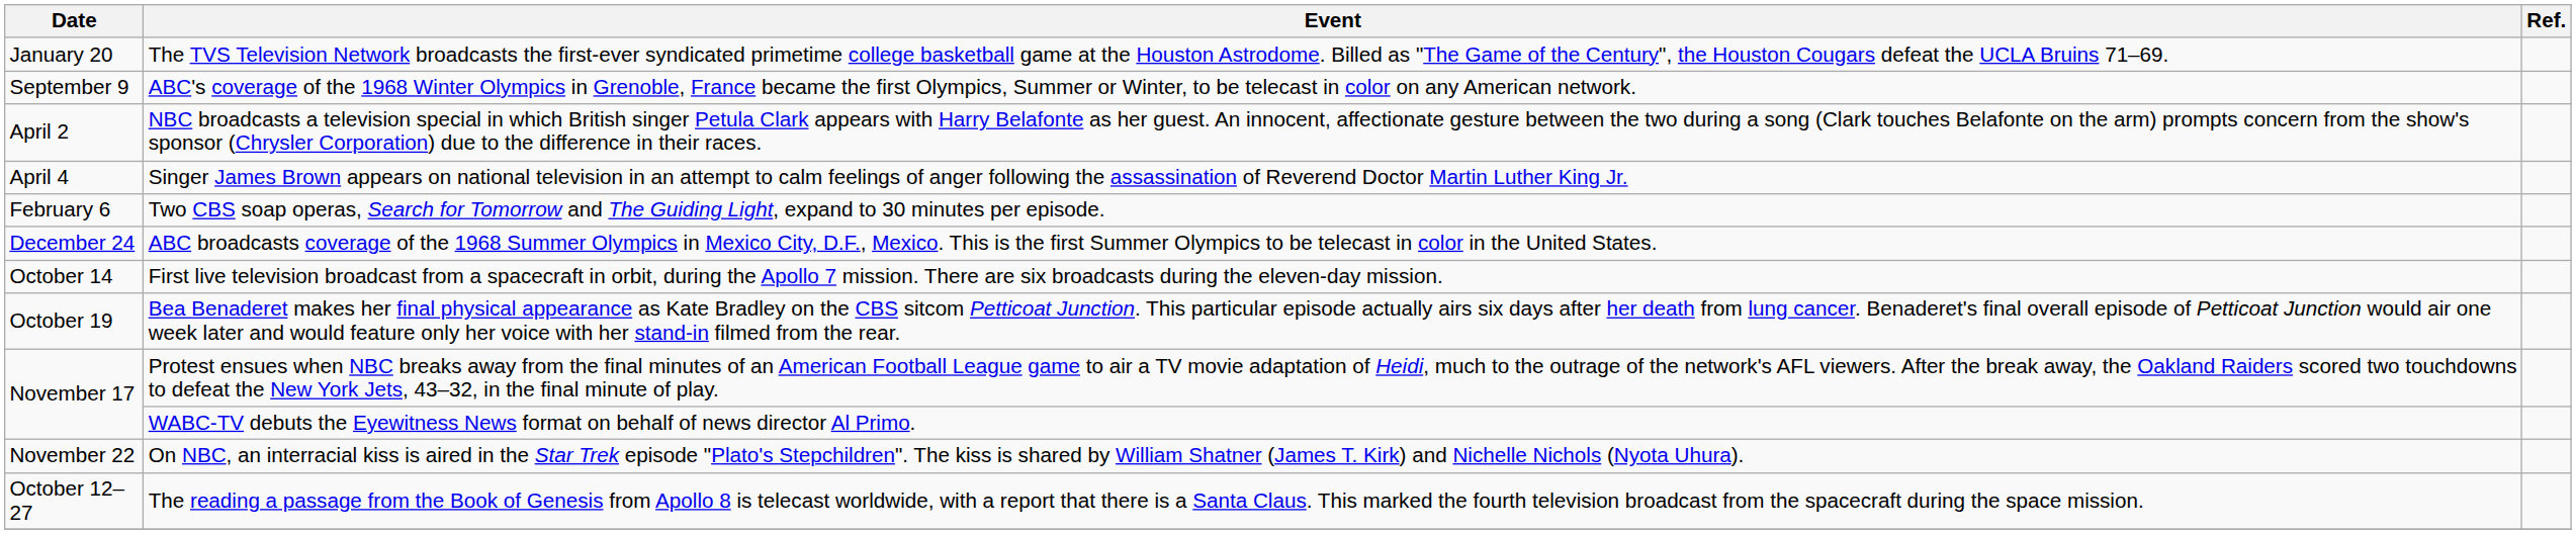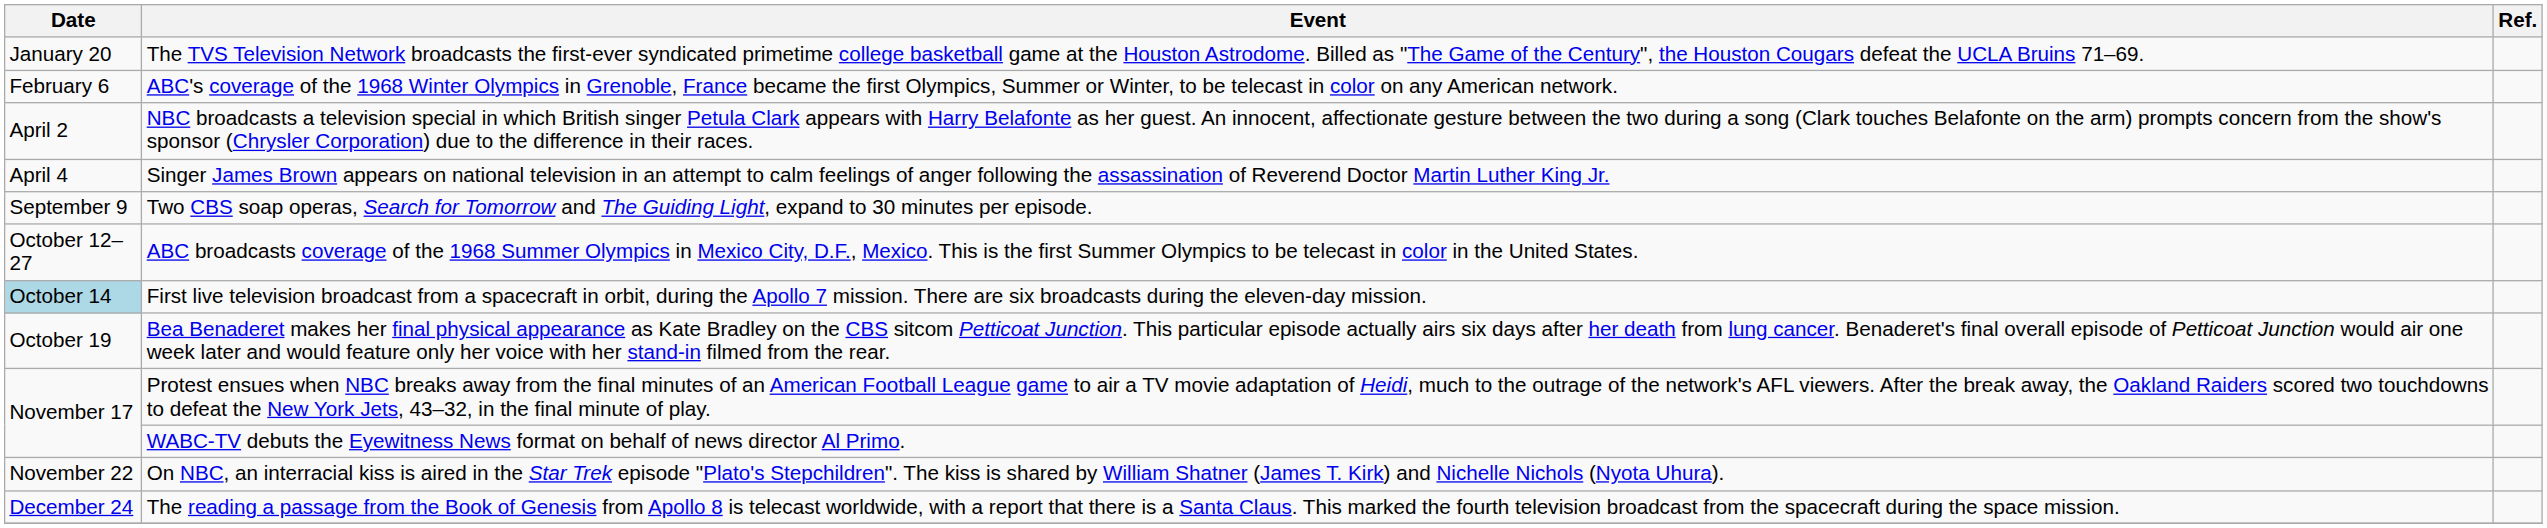 <table class="wikitable sortable">
 <tr>
 <th>Date</th>
 <th>Event</th>
 <th>Ref.</th>
 </tr>
 <tr>
 <td>January 20</td>
 <td>The <a href='#'>TVS Television Network</a> broadcasts the first-ever syndicated primetime <a href='#'>college basketball</a> game at the <a href='#'>Houston Astrodome</a>. Billed as "<a href='#'>The Game of the Century</a>", <a href='#'>the Houston Cougars</a> defeat the <a href='#'>UCLA Bruins</a> 71–69.</td>
 <td></td>
 </tr>
 <tr>
-<td>September 9</td>
+<td>February 6</td>
 <td><a href='#'>ABC</a>'s <a href='#'>coverage</a> of the <a href='#'>1968 Winter Olympics</a> in <a href='#'>Grenoble</a>, <a href='#'>France</a> became the first Olympics, Summer or Winter, to be telecast in <a href='#'>color</a> on any American network.</td>
 <td></td>
 </tr>
 <tr>
 <td>April 2</td>
 <td><a href='#'>NBC</a> broadcasts a television special in which British singer <a href='#'>Petula Clark</a> appears with <a href='#'>Harry Belafonte</a> as her guest. An innocent, affectionate gesture between the two during a song (Clark touches Belafonte on the arm) prompts concern from the show's sponsor (<a href='#'>Chrysler Corporation</a>) due to the difference in their races.</td>
 <td></td>
 </tr>
 <tr>
 <td>April 4</td>
 <td>Singer <a href='#'>James Brown</a> appears on national television in an attempt to calm feelings of anger following the <a href='#'>assassination</a> of Reverend Doctor <a href='#'>Martin Luther King Jr.</a></td>
 <td></td>
 </tr>
 <tr>
-<td>February 6</td>
+<td>September 9</td>
 <td>Two <a href='#'>CBS</a> soap operas, <em><a href='#'>Search for Tomorrow</a></em> and <em><a href='#'>The Guiding Light</a></em>, expand to 30 minutes per episode.</td>
 <td></td>
 </tr>
 <tr>
-<td><a href='#'>December 24</a></td>
+<td>October 12–27</td>
 <td><a href='#'>ABC</a> broadcasts <a href='#'>coverage</a> of the <a href='#'>1968 Summer Olympics</a> in <a href='#'>Mexico City, D.F.</a>, <a href='#'>Mexico</a>. This is the first Summer Olympics to be telecast in <a href='#'>color</a> in the United States.</td>
 <td></td>
 </tr>
 <tr>
-<td>October 14</td>
+<td style="background: lightblue;">October 14</td>
 <td>First live television broadcast from a spacecraft in orbit, during the <a href='#'>Apollo 7</a> mission. There are six broadcasts during the eleven-day mission.</td>
 <td></td>
 </tr>
 <tr>
 <td>October 19</td>
 <td><a href='#'>Bea Benaderet</a> makes her <a href='#'>final physical appearance</a> as Kate Bradley on the <a href='#'>CBS</a> sitcom <em><a href='#'>Petticoat Junction</a></em>. This particular episode actually airs six days after <a href='#'>her death</a> from <a href='#'>lung cancer</a>. Benaderet's final overall episode of <em>Petticoat Junction</em> would air one week later and would feature only her voice with her <a href='#'>stand-in</a> filmed from the rear.</td>
 </tr>
 <tr>
 <td rowspan=2>November 17</td>
 <td>Protest ensues when <a href='#'>NBC</a> breaks away from the final minutes of an <a href='#'>American Football League</a> <a href='#'>game</a> to air a TV movie adaptation of <em><a href='#'>Heidi</a></em>, much to the outrage of the network's AFL viewers. After the break away, the <a href='#'>Oakland Raiders</a> scored two touchdowns to defeat the <a href='#'>New York Jets</a>, 43–32, in the final minute of play.</td>
 <td></td>
 </tr>
 <tr>
 <td><a href='#'>WABC-TV</a> debuts the <a href='#'>Eyewitness News</a> format on behalf of news director <a href='#'>Al Primo</a>.</td>
 <td></td>
 </tr>
 <tr>
 <td>November 22</td>
 <td>On <a href='#'>NBC</a>, an interracial kiss is aired in the <em><a href='#'>Star Trek</a></em> episode "<a href='#'>Plato's Stepchildren</a>". The kiss is shared by <a href='#'>William Shatner</a> (<a href='#'>James T. Kirk</a>) and <a href='#'>Nichelle Nichols</a> (<a href='#'>Nyota Uhura</a>).</td>
 <td></td>
 </tr>
 <tr>
-<td>October 12–27</td>
+<td><a href='#'>December 24</a></td>
 <td>The <a href='#'>reading a passage from the Book of Genesis</a> from <a href='#'>Apollo 8</a> is telecast worldwide, with a report that there is a <a href='#'>Santa Claus</a>. This marked the fourth television broadcast from the spacecraft during the space mission.</td>
 <td></td>
 </tr>
 <tr>
 </tr>
 </table>
